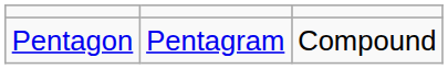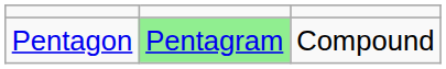 <table class=wikitable>
 <tr>
 <td></td>
 <td></td>
 <td></td>
 </tr>
 <tr align=center>
 <td><a href='#'>Pentagon</a></td>
-<td><a href='#'>Pentagram</a></td>
+<td style="background: lightgreen;"><a href='#'>Pentagram</a></td>
 <td>Compound</td>
 </tr>
 </table>
